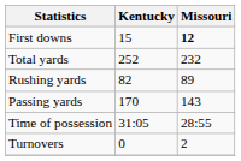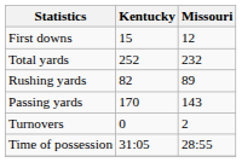 <table class="wikitable" style="float: left;">
 <tr>
 <th>Statistics</th>
 <th>Kentucky</th>
 <th>Missouri</th>
 </tr>
 <tr>
 <td>First downs</td>
 <td>15</td>
-<td><strong>12</strong></td>
+<td>12</td>
 </tr>
 <tr>
 <td>Total yards</td>
 <td>252</td>
 <td>232</td>
 </tr>
 <tr>
 <td>Rushing yards</td>
 <td>82</td>
 <td>89</td>
 </tr>
 <tr>
 <td>Passing yards</td>
 <td>170</td>
 <td>143</td>
 </tr>
 <tr>
+<td>Turnovers</td>
+<td>0</td>
+<td>2</td>
+</tr>
+<tr>
 <td>Time of possession</td>
 <td>31:05</td>
 <td>28:55</td>
 </tr>
 <tr>
-<td>Turnovers</td>
-<td>0</td>
-<td>2</td>
-</tr>
-<tr>
 </tr>
 </table>
